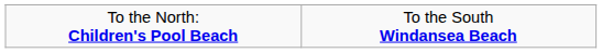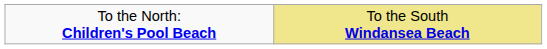 <table class="wikitable" style="margin: 0.5em auto; clear: both; font-size:95%;">
 <tr style="text-align: center;">
 </tr>
 <tr style="text-align: center;">
 <td width="30%" align="center" rowspan="1">To the North:<br><strong><a href='#'>Children's Pool Beach</a></strong><br></td>
-<td width="30%" align="center" rowspan="1">To the South<br><strong><a href='#'>Windansea Beach</a></strong></td>
+<td width="30%" align="center" rowspan="1" style="background: khaki;">To the South<br><strong><a href='#'>Windansea Beach</a></strong></td>
 </tr>
 </table>
